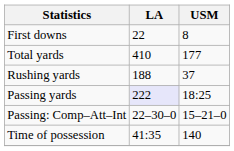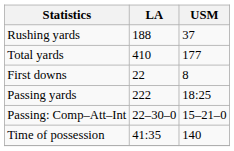 <table class="wikitable" style="float: left;">
 <tr>
 <th>Statistics</th>
 <th>LA</th>
 <th>USM</th>
 </tr>
 <tr>
-<td>First downs</td>
-<td>22</td>
-<td>8</td>
+<td>Rushing yards</td>
+<td>188</td>
+<td>37</td>
 </tr>
 <tr>
 <td>Total yards</td>
 <td>410</td>
 <td>177</td>
 </tr>
 <tr>
-<td>Rushing yards</td>
-<td>188</td>
-<td>37</td>
+<td>First downs</td>
+<td>22</td>
+<td>8</td>
 </tr>
 <tr>
 <td>Passing yards</td>
-<td style="background: lavender;">222</td>
+<td>222</td>
 <td>18:25</td>
 </tr>
 <tr>
 <td>Passing: Comp–Att–Int</td>
 <td>22–30–0</td>
 <td>15–21–0</td>
 </tr>
 <tr>
 <td>Time of possession</td>
 <td>41:35</td>
 <td>140</td>
 </tr>
 <tr>
 </tr>
 </table>
